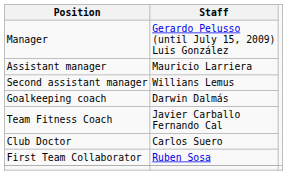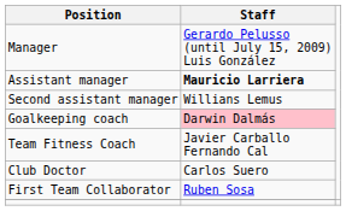 <table class="wikitable">
 <tr>
 <th>Position</th>
 <th>Staff</th>
 </tr>
 <tr>
 <td>Manager</td>
 <td> <a href='#'>Gerardo Pelusso</a><br>(until July 15, 2009)<br> Luis González</td>
 </tr>
 <tr>
 <td>Assistant manager</td>
-<td> Mauricio Larriera</td>
+<td><strong> Mauricio Larriera</strong></td>
 </tr>
 <tr>
 <td>Second assistant manager</td>
 <td> Willians Lemus</td>
 </tr>
 <tr>
 <td>Goalkeeping coach</td>
-<td> Darwin Dalmás</td>
+<td style="background: pink;"> Darwin Dalmás</td>
 </tr>
 <tr>
 <td>Team Fitness Coach</td>
 <td> Javier Carballo<br> Fernando Cal</td>
 </tr>
 <tr>
 <td>Club Doctor</td>
 <td> Carlos Suero</td>
 </tr>
 <tr>
 <td>First Team Collaborator</td>
 <td> <a href='#'>Ruben Sosa</a></td>
 </tr>
 <tr>
 </tr>
 <tr>
 <td></td>
 <td></td>
 <td></td>
 </tr>
 </table>
